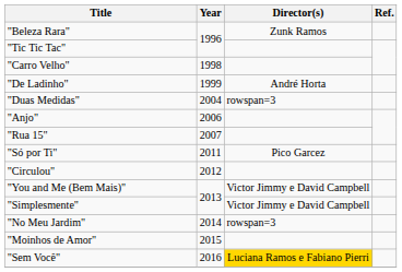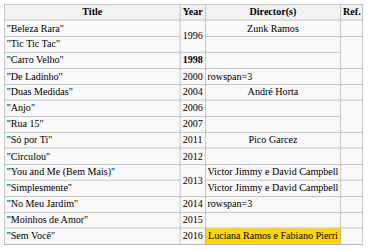 <table class="wikitable">
 <tr>
 <th style="width:17em;">Title</th>
 <th>Year</th>
 <th>Director(s)</th>
 <th>Ref.</th>
 </tr>
 <tr>
 <td>"Beleza Rara"</td>
 <td rowspan=2>1996</td>
 <td align="center">Zunk Ramos</td>
 <td></td>
 </tr>
 <tr>
 <td>"Tic Tic Tac"</td>
 <td></td>
 </tr>
 <tr>
 <td>"Carro Velho"</td>
-<td>1998</td>
+<td><strong>1998</strong></td>
 <td></td>
 </tr>
 <tr>
 <td>"De Ladinho"</td>
-<td>1999</td>
-<td align="center">André Horta</td>
+<td>2000</td>
+<td>rowspan=3 </td>
 <td></td>
 </tr>
 <tr>
 <td>"Duas Medidas"</td>
 <td>2004</td>
-<td>rowspan=3 </td>
+<td align="center">André Horta</td>
 <td></td>
 </tr>
 <tr>
 <td>"Anjo"</td>
 <td>2006</td>
 <td></td>
 </tr>
 <tr>
 <td>"Rua 15"</td>
 <td>2007</td>
 <td></td>
 </tr>
 <tr>
 <td>"Só por Ti"</td>
 <td>2011</td>
 <td align="center">Pico Garcez</td>
 <td></td>
 </tr>
 <tr>
 <td>"Circulou"</td>
 <td>2012</td>
 <td></td>
 <td></td>
 </tr>
 <tr>
 <td>"You and Me (Bem Mais)"</td>
 <td rowspan=2>2013</td>
 <td align="center">Victor Jimmy e David Campbell</td>
 <td></td>
 </tr>
 <tr>
 <td>"Simplesmente"</td>
 <td align="center">Victor Jimmy e David Campbell</td>
 <td></td>
 </tr>
 <tr>
 <td>"No Meu Jardim"</td>
 <td>2014</td>
 <td>rowspan=3 </td>
 <td></td>
 </tr>
 <tr>
 <td>"Moinhos de Amor"</td>
 <td>2015</td>
 <td></td>
 <td></td>
 </tr>
 <tr>
 <td>"Sem Você"</td>
 <td>2016</td>
 <td align="center" style="background: gold;">Luciana Ramos e Fabiano Pierri</td>
 <td></td>
 </tr>
 <tr>
 </tr>
 </table>
